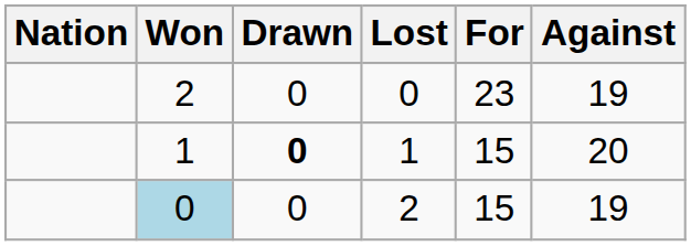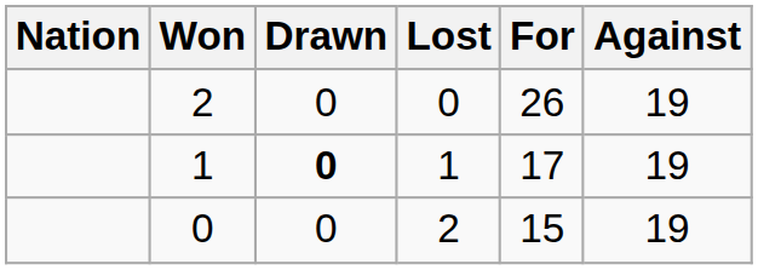 <table class="wikitable" style="text-align: center;">
 <tr>
 <th>Nation</th>
 <th>Won</th>
 <th>Drawn</th>
 <th>Lost</th>
 <th>For</th>
 <th>Against</th>
 </tr>
 <tr>
 <td align=left></td>
 <td>2</td>
 <td>0</td>
 <td>0</td>
-<td>23</td>
+<td>26</td>
 <td>19</td>
 </tr>
 <tr>
 <td align=left></td>
 <td>1</td>
 <td><strong>0</strong></td>
 <td>1</td>
-<td>15</td>
-<td>20</td>
+<td>17</td>
+<td>19</td>
 </tr>
 <tr>
 <td align=left></td>
-<td style="background: lightblue;">0</td>
+<td>0</td>
 <td>0</td>
 <td>2</td>
 <td>15</td>
 <td>19</td>
 </tr>
 </table>
